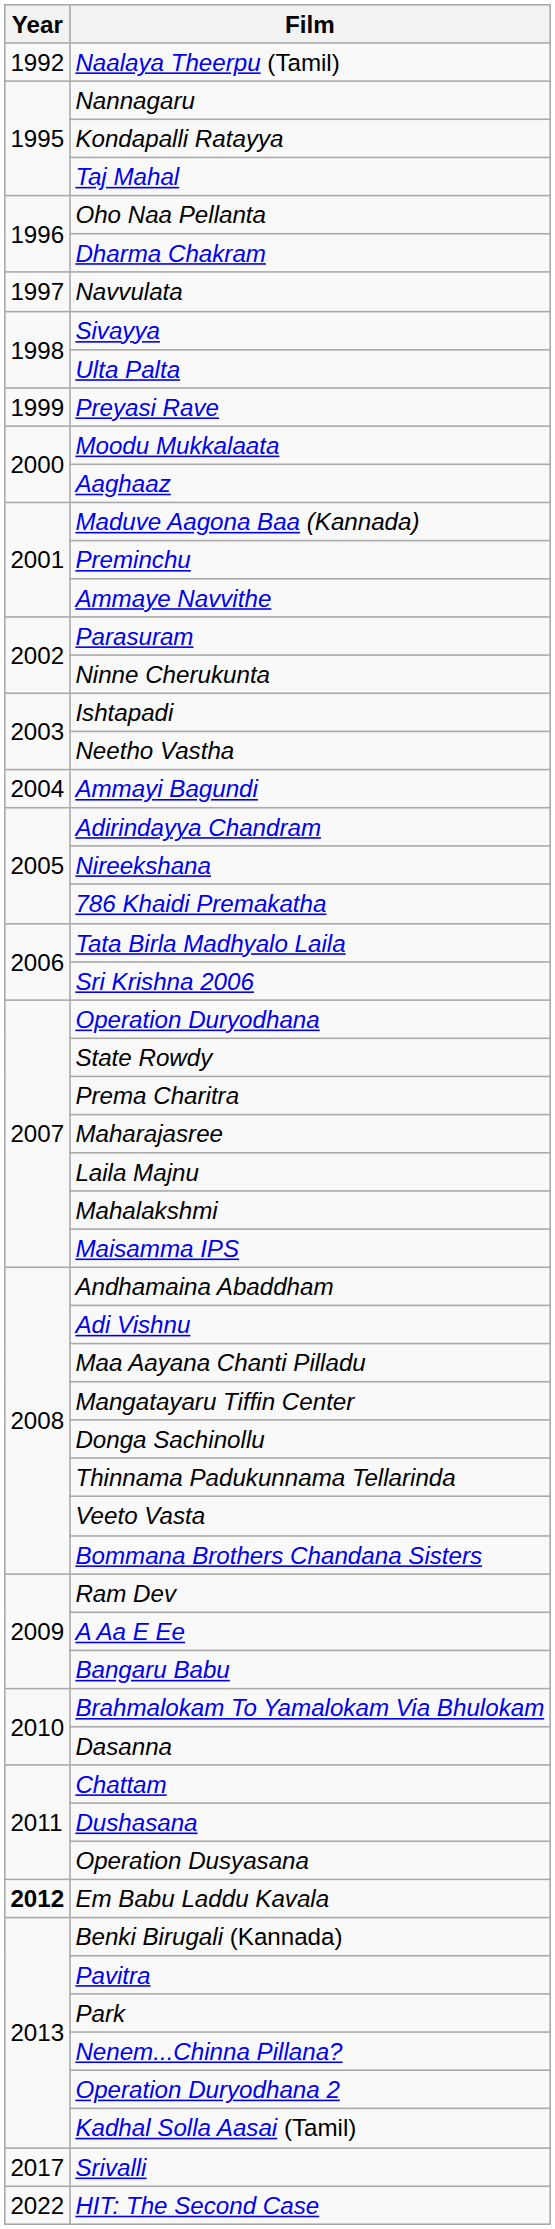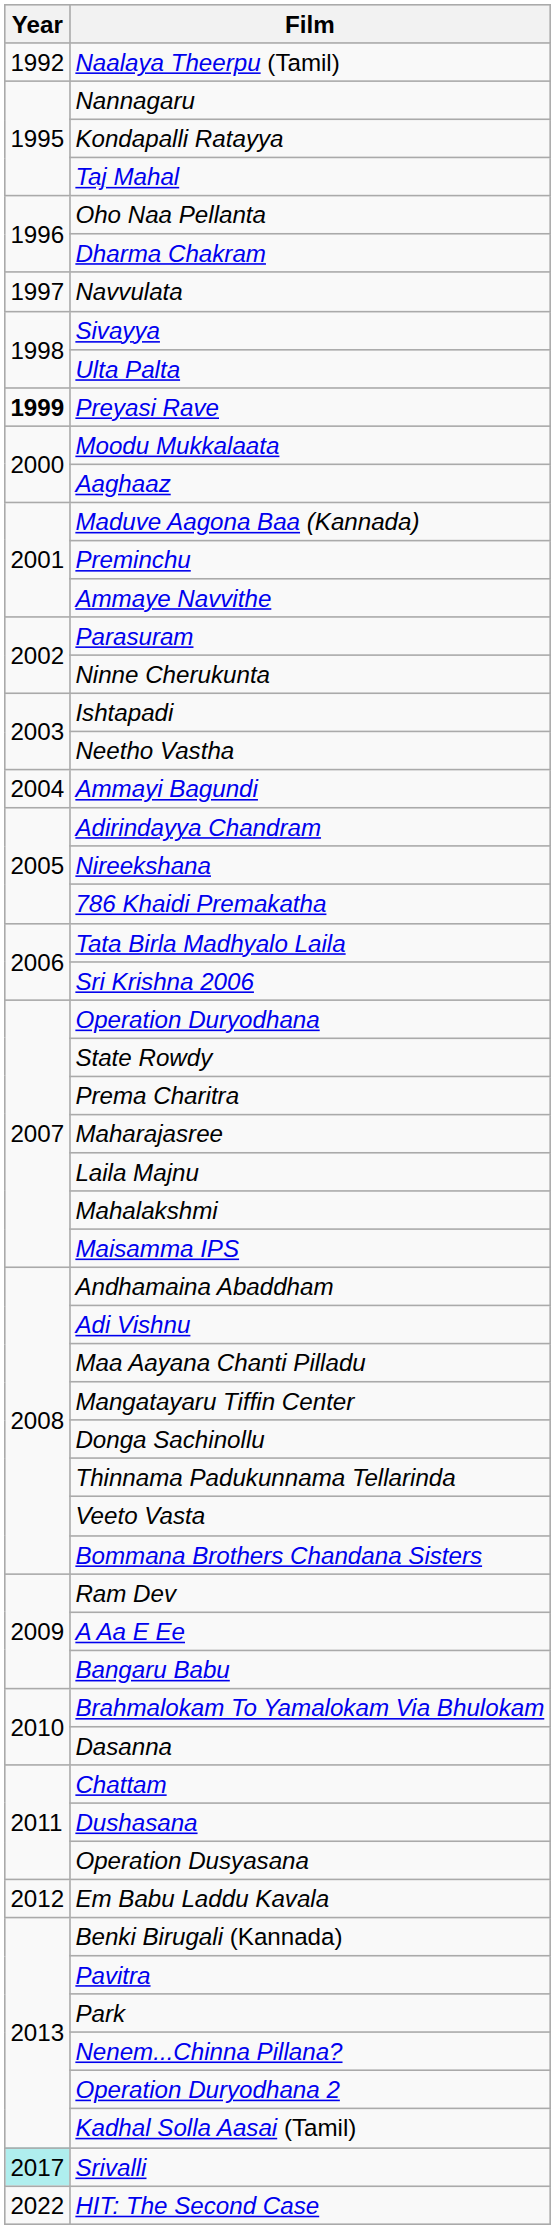 <table class="wikitable" style="font-size: 95%;">
 <tr>
 <th>Year</th>
 <th>Film</th>
 </tr>
 <tr>
 <td rowspan="1">1992</td>
 <td><em><a href='#'>Naalaya Theerpu</a></em> (Tamil)</td>
 </tr>
 <tr>
 <td rowspan="3">1995</td>
 <td><em>Nannagaru</em></td>
 </tr>
 <tr>
 <td><em>Kondapalli Ratayya</em></td>
 </tr>
 <tr>
 <td><a href='#'><em>Taj Mahal</em></a></td>
 </tr>
 <tr>
 <td rowspan="2">1996</td>
 <td><em>Oho Naa Pellanta</em></td>
 </tr>
 <tr>
 <td><em><a href='#'>Dharma Chakram</a></em></td>
 </tr>
 <tr>
 <td rowspan="1">1997</td>
 <td><em>Navvulata</em></td>
 </tr>
 <tr>
 <td rowspan="2">1998</td>
 <td><em><a href='#'>Sivayya</a></em></td>
 </tr>
 <tr>
 <td><a href='#'><em>Ulta Palta</em></a></td>
 </tr>
 <tr>
-<td rowspan="1">1999</td>
+<td rowspan="1"><strong>1999</strong></td>
 <td><em><a href='#'>Preyasi Rave</a></em></td>
 </tr>
 <tr>
 <td rowspan="2">2000</td>
 <td><em><a href='#'>Moodu Mukkalaata</a></em></td>
 </tr>
 <tr>
 <td><em><a href='#'>Aaghaaz</a></em></td>
 </tr>
 <tr>
 <td rowspan="3">2001</td>
 <td><em><a href='#'>Maduve Aagona Baa</a> (Kannada)</em></td>
 </tr>
 <tr>
 <td><em><a href='#'>Preminchu</a></em></td>
 </tr>
 <tr>
 <td><em><a href='#'>Ammaye Navvithe</a></em></td>
 </tr>
 <tr>
 <td rowspan="2">2002</td>
 <td><a href='#'><em>Parasuram</em></a></td>
 </tr>
 <tr>
 <td><em>Ninne Cherukunta</em></td>
 </tr>
 <tr>
 <td rowspan="2">2003</td>
 <td><em>Ishtapadi</em></td>
 </tr>
 <tr>
 <td><em>Neetho Vastha</em></td>
 </tr>
 <tr>
 <td rowspan="1">2004</td>
 <td><em><a href='#'>Ammayi Bagundi</a></em></td>
 </tr>
 <tr>
 <td rowspan="3">2005</td>
 <td><em><a href='#'>Adirindayya Chandram</a></em></td>
 </tr>
 <tr>
 <td><a href='#'><em>Nireekshana</em></a></td>
 </tr>
 <tr>
 <td><em><a href='#'>786 Khaidi Premakatha</a></em></td>
 </tr>
 <tr>
 <td rowspan="2">2006</td>
 <td><em><a href='#'>Tata Birla Madhyalo Laila</a></em></td>
 </tr>
 <tr>
 <td><em><a href='#'>Sri Krishna 2006</a></em></td>
 </tr>
 <tr>
 <td rowspan="7">2007</td>
 <td><a href='#'><em>Operation Duryodhana</em></a></td>
 </tr>
 <tr>
 <td><em>State Rowdy</em></td>
 </tr>
 <tr>
 <td><em>Prema Charitra</em></td>
 </tr>
 <tr>
 <td><em>Maharajasree</em></td>
 </tr>
 <tr>
 <td><em>Laila Majnu</em></td>
 </tr>
 <tr>
 <td><em>Mahalakshmi</em></td>
 </tr>
 <tr>
 <td><em><a href='#'>Maisamma IPS</a></em></td>
 </tr>
 <tr>
 <td rowspan="8">2008</td>
 <td><em>Andhamaina Abaddham</em></td>
 </tr>
 <tr>
 <td><em><a href='#'>Adi Vishnu</a></em></td>
 </tr>
 <tr>
 <td><em>Maa Aayana Chanti Pilladu</em></td>
 </tr>
 <tr>
 <td><em>Mangatayaru Tiffin Center</em></td>
 </tr>
 <tr>
 <td><em>Donga Sachinollu</em></td>
 </tr>
 <tr>
 <td><em>Thinnama Padukunnama Tellarinda</em></td>
 </tr>
 <tr>
 <td><em>Veeto Vasta</em></td>
 </tr>
 <tr>
 <td><em><a href='#'>Bommana Brothers Chandana Sisters</a></em></td>
 </tr>
 <tr>
 <td rowspan="3">2009</td>
 <td><em>Ram Dev</em></td>
 </tr>
 <tr>
 <td><a href='#'><em>A Aa E Ee</em></a></td>
 </tr>
 <tr>
 <td><a href='#'><em>Bangaru Babu</em></a></td>
 </tr>
 <tr>
 <td rowspan="2">2010</td>
 <td><em><a href='#'>Brahmalokam To Yamalokam Via Bhulokam</a></em></td>
 </tr>
 <tr>
 <td><em>Dasanna</em></td>
 </tr>
 <tr>
 <td rowspan="3">2011</td>
 <td><em><a href='#'>Chattam</a></em></td>
 </tr>
 <tr>
 <td><em><a href='#'>Dushasana</a></em></td>
 </tr>
 <tr>
 <td><em>Operation Dusyasana</em></td>
 </tr>
 <tr>
-<td rowspan="1"><strong>2012</strong></td>
+<td rowspan="1">2012</td>
 <td><em>Em Babu Laddu Kavala</em></td>
 </tr>
 <tr>
 <td rowspan="6">2013</td>
 <td><em>Benki Birugali</em> (Kannada)</td>
 </tr>
 <tr>
 <td><em><a href='#'>Pavitra</a></em></td>
 </tr>
 <tr>
 <td><em>Park</em></td>
 </tr>
 <tr>
 <td><em><a href='#'>Nenem...Chinna Pillana?</a></em></td>
 </tr>
 <tr>
 <td><em><a href='#'>Operation Duryodhana 2</a></em></td>
 </tr>
 <tr>
 <td><em><a href='#'>Kadhal Solla Aasai</a></em> (Tamil)</td>
 </tr>
 <tr>
-<td>2017</td>
+<td style="background: paleturquoise;">2017</td>
 <td><a href='#'><em>Srivalli</em></a></td>
 </tr>
 <tr>
 <td>2022</td>
 <td><em><a href='#'>HIT: The Second Case</a></em></td>
 </tr>
 <tr>
 </tr>
 </table>
